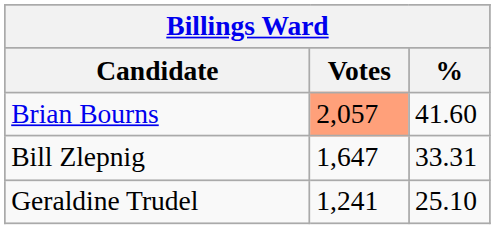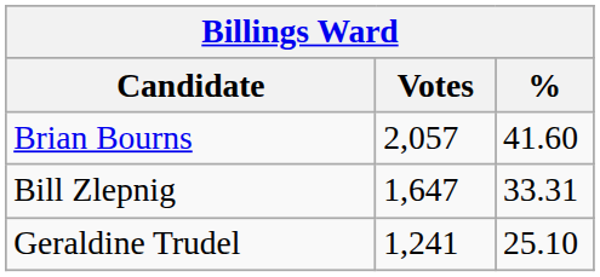 <table class="wikitable">
 <tr>
 <th colspan="3"><a href='#'>Billings Ward</a></th>
 </tr>
 <tr>
 <th style="width: 170px">Candidate</th>
 <th style="width: 50px">Votes</th>
 <th style="width: 40px">%</th>
 </tr>
 <tr>
 <td><a href='#'>Brian Bourns</a></td>
-<td style="background: lightsalmon;">2,057</td>
+<td>2,057</td>
 <td>41.60</td>
 </tr>
 <tr>
 <td>Bill Zlepnig</td>
 <td>1,647</td>
 <td>33.31</td>
 </tr>
 <tr>
 <td>Geraldine Trudel</td>
 <td>1,241</td>
 <td>25.10</td>
 </tr>
 </table>
